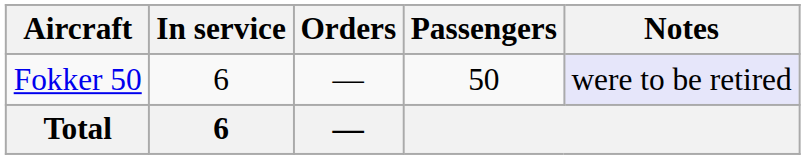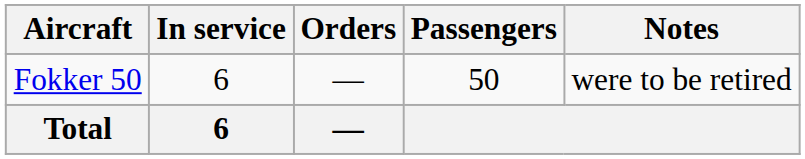 <table class="wikitable" style="margin:1em auto; border-collapse:collapse; text-align:center">
 <tr>
 <th>Aircraft</th>
 <th>In service</th>
 <th>Orders</th>
 <th>Passengers</th>
 <th>Notes</th>
 </tr>
 <tr>
 <td><a href='#'>Fokker 50</a></td>
 <td>6</td>
 <td>—</td>
 <td>50</td>
-<td style="background: lavender;">were to be retired</td>
+<td>were to be retired</td>
 </tr>
 <tr>
 <th>Total</th>
 <th>6</th>
 <th>—</th>
 <th colspan="2"></th>
 </tr>
 </table>
